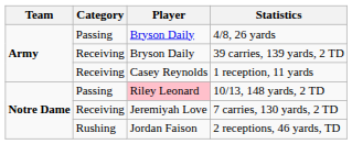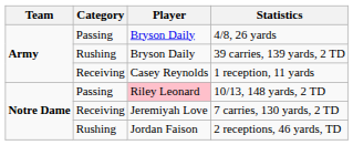 <table class="wikitable" style="float: right;">
 <tr>
 <th>Team</th>
 <th>Category</th>
 <th>Player</th>
 <th>Statistics</th>
 </tr>
 <tr>
 <td rowspan=3><strong>Army</strong></td>
 <td>Passing</td>
 <td><a href='#'>Bryson Daily</a></td>
 <td>4/8, 26 yards</td>
 </tr>
 <tr>
-<td>Receiving</td>
+<td>Rushing</td>
 <td>Bryson Daily</td>
 <td>39 carries, 139 yards, 2 TD</td>
 </tr>
 <tr>
 <td>Receiving</td>
 <td>Casey Reynolds</td>
 <td>1 reception, 11 yards</td>
 </tr>
 <tr>
 <td rowspan=3><strong>Notre Dame</strong></td>
 <td>Passing</td>
 <td style="background: pink;">Riley Leonard</td>
 <td>10/13, 148 yards, 2 TD</td>
 </tr>
 <tr>
 <td>Receiving</td>
 <td>Jeremiyah Love</td>
 <td>7 carries, 130 yards, 2 TD</td>
 </tr>
 <tr>
 <td>Rushing</td>
 <td>Jordan Faison</td>
 <td>2 receptions, 46 yards, TD</td>
 </tr>
 </table>
